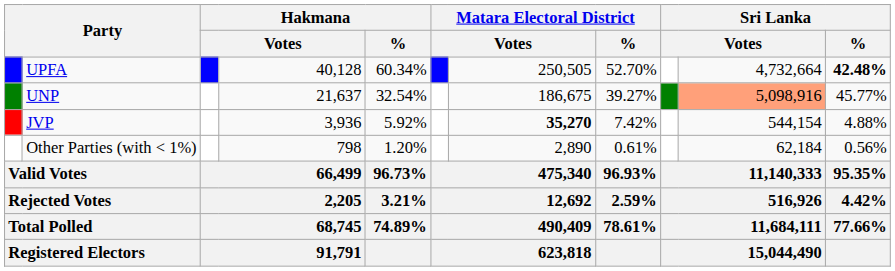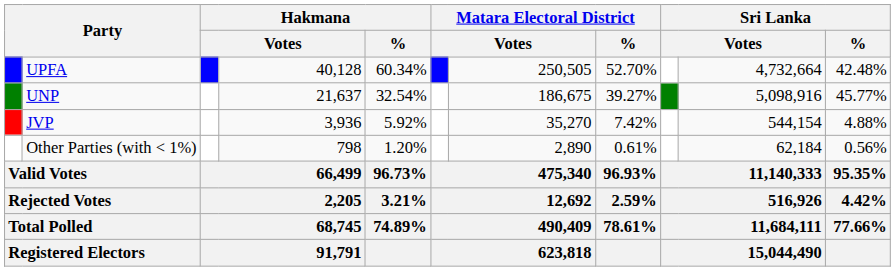 <table class="wikitable">
 <tr>
 <th colspan="2" width="144px"rowspan="2">Party</th>
 <th colspan="3" width="216px">Hakmana</th>
 <th colspan="3" width="216px"><a href='#'>Matara Electoral District</a></th>
 <th colspan="3" width="216px">Sri Lanka</th>
 </tr>
 <tr>
 <th colspan="2" width="144px">Votes</th>
 <th>%</th>
 <th colspan="2" width="144px">Votes</th>
 <th>%</th>
 <th colspan="2" width="144px">Votes</th>
 <th>%</th>
 </tr>
 <tr>
 <td style="background-color:blue;" width="10px"></td>
 <td style="text-align:left;"><a href='#'>UPFA</a></td>
 <td style="background-color:blue;" width="10px"></td>
 <td style="text-align:right;">40,128</td>
 <td style="text-align:right;">60.34%</td>
 <td style="background-color:blue;" width="10px"></td>
 <td style="text-align:right;">250,505</td>
 <td style="text-align:right;">52.70%</td>
 <td style="background-color:white;" width="10px"></td>
 <td style="text-align:right;">4,732,664</td>
-<td style="text-align:right;"><strong>42.48%</strong></td>
+<td style="text-align:right;">42.48%</td>
 </tr>
 <tr>
 <td style="background-color:green;" width="10px"></td>
 <td style="text-align:left;"><a href='#'>UNP</a></td>
 <td style="background-color:white;" width="10px"></td>
 <td style="text-align:right;">21,637</td>
 <td style="text-align:right;">32.54%</td>
 <td style="background-color:white;" width="10px"></td>
 <td style="text-align:right;">186,675</td>
 <td style="text-align:right;">39.27%</td>
 <td style="background-color:green;" width="10px"></td>
-<td style="background: lightsalmon; text-align:right;">5,098,916</td>
+<td style="text-align:right;">5,098,916</td>
 <td style="text-align:right;">45.77%</td>
 </tr>
 <tr>
 <td style="background-color:red;" width="10px"></td>
 <td style="text-align:left;"><a href='#'>JVP</a></td>
 <td style="background-color:white;" width="10px"></td>
 <td style="text-align:right;">3,936</td>
 <td style="text-align:right;">5.92%</td>
 <td style="background-color:white;" width="10px"></td>
-<td style="text-align:right;"><strong>35,270</strong></td>
+<td style="text-align:right;">35,270</td>
 <td style="text-align:right;">7.42%</td>
 <td style="background-color:white;" width="10px"></td>
 <td style="text-align:right;">544,154</td>
 <td style="text-align:right;">4.88%</td>
 </tr>
 <tr>
 <td style="background-color:white;" width="10px"></td>
 <td style="text-align:left;">Other Parties (with < 1%)</td>
 <td style="background-color:white;" width="10px"></td>
 <td style="text-align:right;">798</td>
 <td style="text-align:right;">1.20%</td>
 <td style="background-color:white;" width="10px"></td>
 <td style="text-align:right;">2,890</td>
 <td style="text-align:right;">0.61%</td>
 <td style="background-color:white;" width="10px"></td>
 <td style="text-align:right;">62,184</td>
 <td style="text-align:right;">0.56%</td>
 </tr>
 <tr>
 <th colspan="2" width="144px"style="text-align:left;">Valid Votes</th>
 <th style="text-align:right;"colspan="2" width="144px">66,499</th>
 <th style="text-align:right;">96.73%</th>
 <th style="text-align:right;"colspan="2" width="144px">475,340</th>
 <th style="text-align:right;">96.93%</th>
 <th style="text-align:right;"colspan="2" width="144px">11,140,333</th>
 <th style="text-align:right;">95.35%</th>
 </tr>
 <tr>
 <th colspan="2" width="144px"style="text-align:left;">Rejected Votes</th>
 <th style="text-align:right;"colspan="2" width="144px">2,205</th>
 <th style="text-align:right;">3.21%</th>
 <th style="text-align:right;"colspan="2" width="144px">12,692</th>
 <th style="text-align:right;">2.59%</th>
 <th style="text-align:right;"colspan="2" width="144px">516,926</th>
 <th style="text-align:right;">4.42%</th>
 </tr>
 <tr>
 <th colspan="2" width="144px"style="text-align:left;">Total Polled</th>
 <th style="text-align:right;"colspan="2" width="144px">68,745</th>
 <th style="text-align:right;">74.89%</th>
 <th style="text-align:right;"colspan="2" width="144px">490,409</th>
 <th style="text-align:right;">78.61%</th>
 <th style="text-align:right;"colspan="2" width="144px">11,684,111</th>
 <th style="text-align:right;">77.66%</th>
 </tr>
 <tr>
 <th colspan="2" width="144px"style="text-align:left;">Registered Electors</th>
 <th style="text-align:right;"colspan="2" width="144px">91,791</th>
 <th></th>
 <th style="text-align:right;"colspan="2" width="144px">623,818</th>
 <th></th>
 <th style="text-align:right;"colspan="2" width="144px">15,044,490</th>
 <th></th>
 </tr>
 </table>
